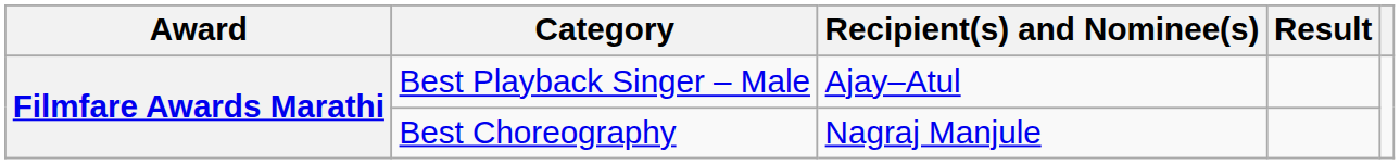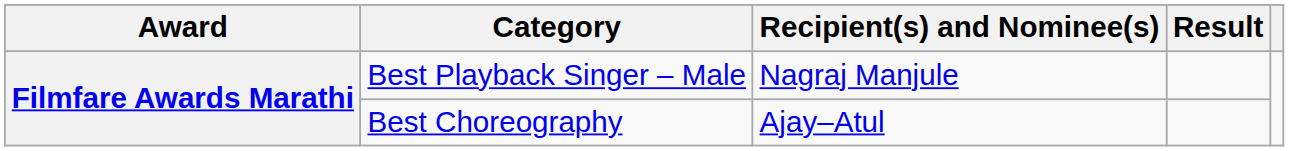 <table class="wikitable plainrowheaders sortable">
 <tr>
 <th scope="col">Award</th>
 <th scope="col">Category</th>
 <th scope="col">Recipient(s) and Nominee(s)</th>
 <th scope="col">Result</th>
 <th scope="col" class="unsortable"></th>
 </tr>
 <tr>
 <th rowspan="2"><a href='#'>Filmfare Awards Marathi</a></th>
 <td><a href='#'>Best Playback Singer – Male</a></td>
-<td><a href='#'>Ajay–Atul</a></td>
+<td><a href='#'>Nagraj Manjule</a></td>
 <td></td>
 <td rowspan="2"></td>
 </tr>
 <tr>
 <td><a href='#'>Best Choreography</a></td>
-<td><a href='#'>Nagraj Manjule</a></td>
+<td><a href='#'>Ajay–Atul</a></td>
 <td></td>
 </tr>
 </table>
